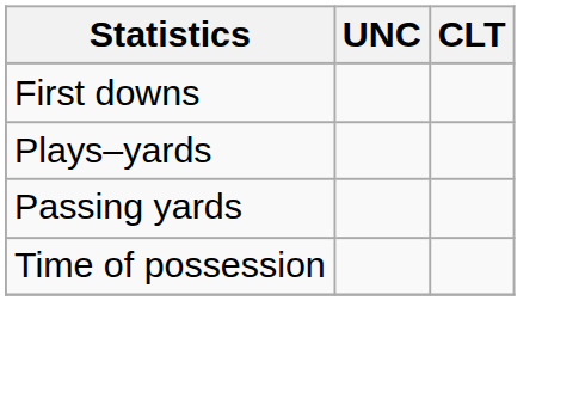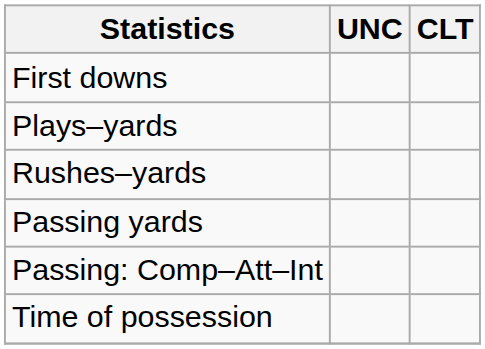 <table class="wikitable" style="float: left;">
 <tr>
 <th>Statistics</th>
 <th>UNC</th>
 <th>CLT</th>
 </tr>
 <tr>
 <td>First downs</td>
 <td></td>
 <td></td>
 </tr>
 <tr>
 <td>Plays–yards</td>
 <td></td>
 <td></td>
 </tr>
 <tr>
+<td>Rushes–yards</td>
+<td></td>
+<td></td>
+</tr>
+<tr>
 <td>Passing yards</td>
+<td></td>
+<td></td>
+</tr>
+<tr>
+<td>Passing: Comp–Att–Int</td>
 <td></td>
 <td></td>
 </tr>
 <tr>
 <td>Time of possession</td>
 <td></td>
 <td></td>
 </tr>
 <tr>
 </tr>
 </table>
